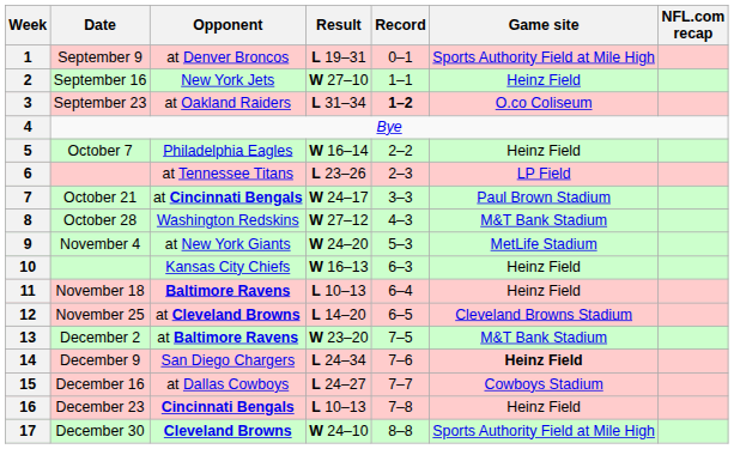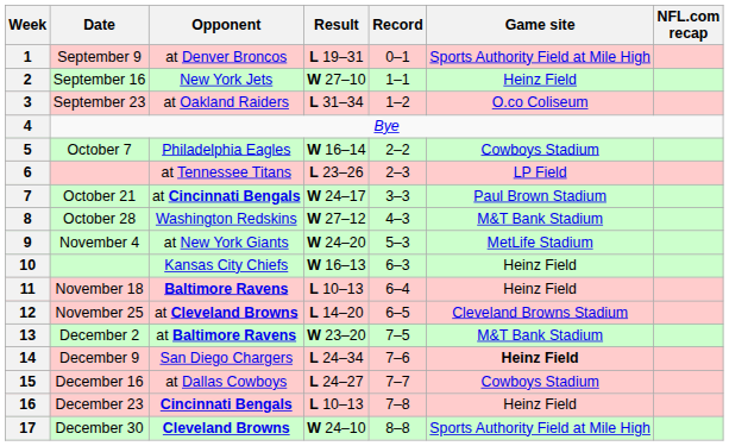 <table class="wikitable" style="text-align:center">
 <tr>
 <th>Week</th>
 <th>Date</th>
 <th>Opponent</th>
 <th>Result</th>
 <th>Record</th>
 <th>Game site</th>
 <th>NFL.com<br>recap</th>
 </tr>
 <tr style="background:#fcc; text-align:center;">
 <th>1</th>
 <td>September 9</td>
 <td>at <a href='#'>Denver Broncos</a></td>
 <td><strong>L</strong> 19–31</td>
 <td>0–1</td>
 <td><a href='#'>Sports Authority Field at Mile High</a></td>
 <td></td>
 </tr>
 <tr style="background:#cfc; text-align:center;">
 <th>2</th>
 <td>September 16</td>
 <td><a href='#'>New York Jets</a></td>
 <td><strong>W</strong> 27–10</td>
 <td>1–1</td>
 <td><a href='#'>Heinz Field</a></td>
 <td></td>
 </tr>
 <tr style="background:#fcc; text-align:center;">
 <th>3</th>
 <td>September 23</td>
 <td>at <a href='#'>Oakland Raiders</a></td>
 <td><strong>L</strong> 31–34</td>
-<td><strong>1–2</strong></td>
+<td>1–2</td>
 <td><a href='#'>O.co Coliseum</a></td>
 <td></td>
 </tr>
 <tr>
 <th>4</th>
 <td colspan="6" style="text-align:center;"><em><a href='#'>Bye</a></em></td>
 </tr>
 <tr style="background:#cfc; text-align:center;">
 <th>5</th>
 <td>October 7</td>
 <td><a href='#'>Philadelphia Eagles</a></td>
 <td><strong>W</strong> 16–14</td>
 <td>2–2</td>
-<td>Heinz Field</td>
+<td><a href='#'>Cowboys Stadium</a></td>
 <td></td>
 </tr>
 <tr style="background:#fcc; text-align:center;">
 <th>6</th>
 <td></td>
 <td>at <a href='#'>Tennessee Titans</a></td>
 <td><strong>L</strong> 23–26</td>
 <td>2–3</td>
 <td><a href='#'>LP Field</a></td>
 <td></td>
 </tr>
 <tr style="background:#cfc; text-align:center;">
 <th>7</th>
 <td>October 21</td>
 <td>at <strong><a href='#'>Cincinnati Bengals</a></strong></td>
 <td><strong>W</strong> 24–17</td>
 <td>3–3</td>
 <td><a href='#'>Paul Brown Stadium</a></td>
 <td></td>
 </tr>
 <tr style="background:#cfc; text-align:center;">
 <th>8</th>
 <td>October 28</td>
 <td><a href='#'>Washington Redskins</a></td>
 <td><strong>W</strong> 27–12</td>
 <td>4–3</td>
 <td><a href='#'>M&T Bank Stadium</a></td>
 <td></td>
 </tr>
 <tr style="background:#cfc; text-align:center;">
 <th>9</th>
 <td>November 4</td>
 <td>at <a href='#'>New York Giants</a></td>
 <td><strong>W</strong> 24–20</td>
 <td>5–3</td>
 <td><a href='#'>MetLife Stadium</a></td>
 <td></td>
 </tr>
 <tr style="background:#cfc; text-align:center;">
 <th>10</th>
 <td></td>
 <td><a href='#'>Kansas City Chiefs</a></td>
 <td><strong>W</strong> 16–13 </td>
 <td>6–3</td>
 <td>Heinz Field</td>
 <td></td>
 </tr>
 <tr style="background:#fcc; text-align:center;">
 <th>11</th>
 <td>November 18</td>
 <td><strong><a href='#'>Baltimore Ravens</a></strong></td>
 <td><strong>L</strong> 10–13</td>
 <td>6–4</td>
 <td>Heinz Field</td>
 <td></td>
 </tr>
 <tr style="background:#fcc; text-align:center;">
 <th>12</th>
 <td>November 25</td>
 <td>at <strong><a href='#'>Cleveland Browns</a></strong></td>
 <td><strong>L</strong> 14–20</td>
 <td>6–5</td>
 <td><a href='#'>Cleveland Browns Stadium</a></td>
 <td></td>
 </tr>
 <tr style="background:#cfc; text-align:center;">
 <th>13</th>
 <td>December 2</td>
 <td>at <strong><a href='#'>Baltimore Ravens</a></strong></td>
 <td><strong>W</strong> 23–20</td>
 <td>7–5</td>
 <td><a href='#'>M&T Bank Stadium</a></td>
 <td></td>
 </tr>
 <tr style="background:#fcc; text-align:center;">
 <th>14</th>
 <td>December 9</td>
 <td><a href='#'>San Diego Chargers</a></td>
 <td><strong>L</strong> 24–34</td>
 <td>7–6</td>
 <td><strong>Heinz Field</strong></td>
 <td></td>
 </tr>
 <tr style="background:#fcc; text-align:center;">
 <th>15</th>
 <td>December 16</td>
 <td>at <a href='#'>Dallas Cowboys</a></td>
 <td><strong>L</strong> 24–27 </td>
 <td>7–7</td>
 <td><a href='#'>Cowboys Stadium</a></td>
 <td></td>
 </tr>
 <tr style="background:#fcc; text-align:center;">
 <th>16</th>
 <td>December 23</td>
 <td><strong><a href='#'>Cincinnati Bengals</a></strong></td>
 <td><strong>L</strong> 10–13</td>
 <td>7–8</td>
 <td>Heinz Field</td>
 <td></td>
 </tr>
 <tr style="background:#cfc; text-align:center;">
 <th>17</th>
 <td>December 30</td>
 <td><strong><a href='#'>Cleveland Browns</a></strong></td>
 <td><strong>W</strong> 24–10</td>
 <td>8–8</td>
 <td><a href='#'>Sports Authority Field at Mile High</a></td>
 <td></td>
 </tr>
 </table>
